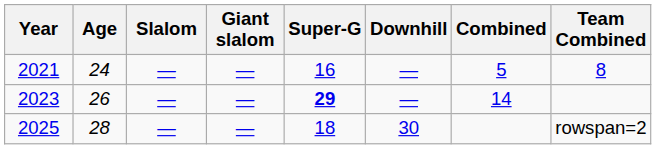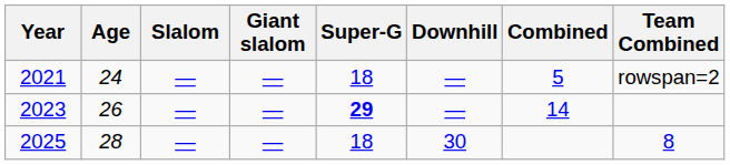 <table class=wikitable style="text-align:center">
 <tr>
 <th>  Year  </th>
 <th> Age </th>
 <th> Slalom </th>
 <th> Giant <br> slalom </th>
 <th>Super-G</th>
 <th>Downhill</th>
 <th>Combined</th>
 <th>Team<br>Combined</th>
 </tr>
 <tr>
 <td><a href='#'>2021</a></td>
 <td><em>24</em></td>
 <td><a href='#'>—</a></td>
 <td><a href='#'>—</a></td>
-<td><a href='#'>16</a></td>
+<td><a href='#'>18</a></td>
 <td><a href='#'>—</a></td>
 <td><a href='#'>5</a></td>
-<td><a href='#'>8</a></td>
+<td>rowspan=2</td>
 </tr>
 <tr>
 <td><a href='#'>2023</a></td>
 <td><em>26</em></td>
 <td><a href='#'>—</a></td>
 <td><a href='#'>—</a></td>
 <td><strong><a href='#'>29</a></strong></td>
 <td><a href='#'>―</a></td>
 <td><a href='#'>14</a></td>
 </tr>
 <tr>
 <td><a href='#'>2025</a></td>
 <td><em>28</em></td>
 <td><a href='#'>—</a></td>
 <td><a href='#'>—</a></td>
 <td><a href='#'>18</a></td>
 <td><a href='#'>30</a></td>
 <td></td>
-<td>rowspan=2</td>
+<td><a href='#'>8</a></td>
 </tr>
 </table>
